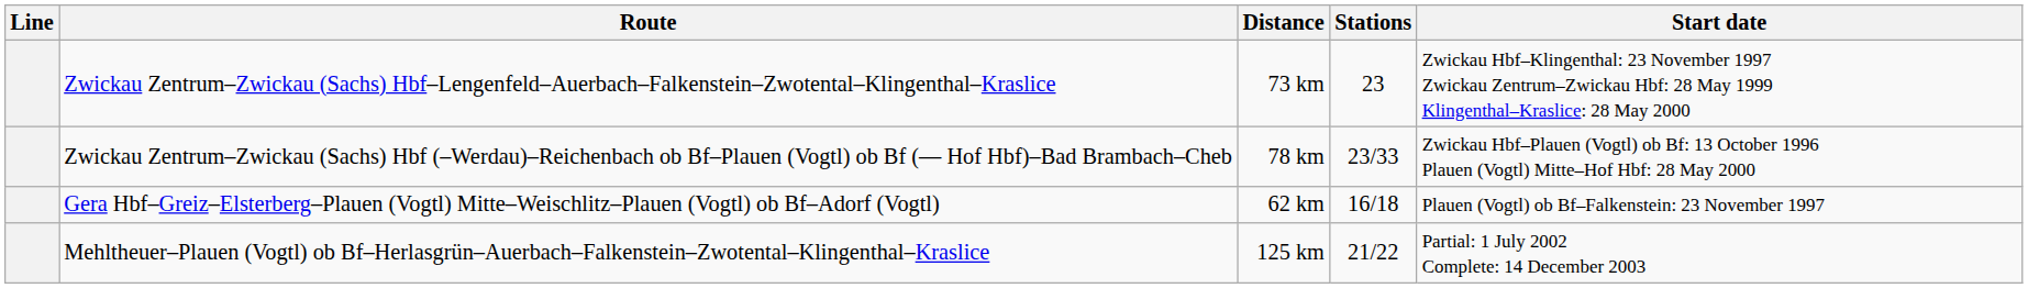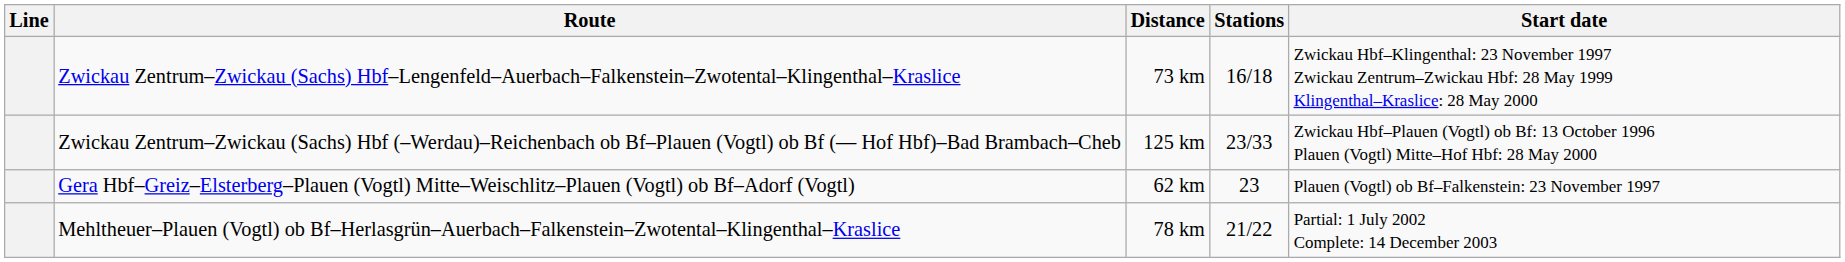 <table class="wikitable">
 <tr>
 <th>Line</th>
 <th>Route</th>
 <th>Distance</th>
 <th>Stations</th>
 <th width="30%">Start date</th>
 </tr>
 <tr>
 <th></th>
 <td><a href='#'>Zwickau</a> Zentrum–<a href='#'>Zwickau (Sachs) Hbf</a>–Lengenfeld–Auerbach–Falkenstein–Zwotental–Klingenthal–<a href='#'>Kraslice</a></td>
 <td align="right">73 km</td>
-<td align="center">23</td>
+<td align="center">16/18</td>
 <td><small>Zwickau Hbf–Klingenthal: 23 November 1997<br> Zwickau Zentrum–Zwickau Hbf: 28 May 1999<br> <a href='#'>Klingenthal–Kraslice</a>: 28 May 2000</small></td>
 </tr>
 <tr>
 <th></th>
 <td>Zwickau Zentrum–Zwickau (Sachs) Hbf (–Werdau)–Reichenbach ob Bf–Plauen (Vogtl) ob Bf (— Hof Hbf)–Bad Brambach–Cheb</td>
-<td align="right">78 km</td>
+<td align="right">125 km</td>
 <td align="center">23/33</td>
 <td><small>Zwickau Hbf–Plauen (Vogtl) ob Bf: 13 October 1996<br>Plauen (Vogtl) Mitte–Hof Hbf: 28 May 2000</small></td>
 </tr>
 <tr>
 <th></th>
 <td><a href='#'>Gera</a> Hbf–<a href='#'>Greiz</a>–<a href='#'>Elsterberg</a>–Plauen (Vogtl) Mitte–Weischlitz–Plauen (Vogtl) ob Bf–Adorf (Vogtl)</td>
 <td align="right">62 km</td>
-<td align="center">16/18</td>
+<td align="center">23</td>
 <td><small>Plauen (Vogtl) ob Bf–Falkenstein: 23 November 1997</small></td>
 </tr>
 <tr>
 <th></th>
 <td>Mehltheuer–Plauen (Vogtl) ob Bf–Herlasgrün–Auerbach–Falkenstein–Zwotental–Klingenthal–<a href='#'>Kraslice</a></td>
-<td align="right">125 km</td>
+<td align="right">78 km</td>
 <td align="center">21/22</td>
 <td><small>Partial: 1 July 2002<br> Complete: 14 December 2003</small></td>
 </tr>
 </table>
